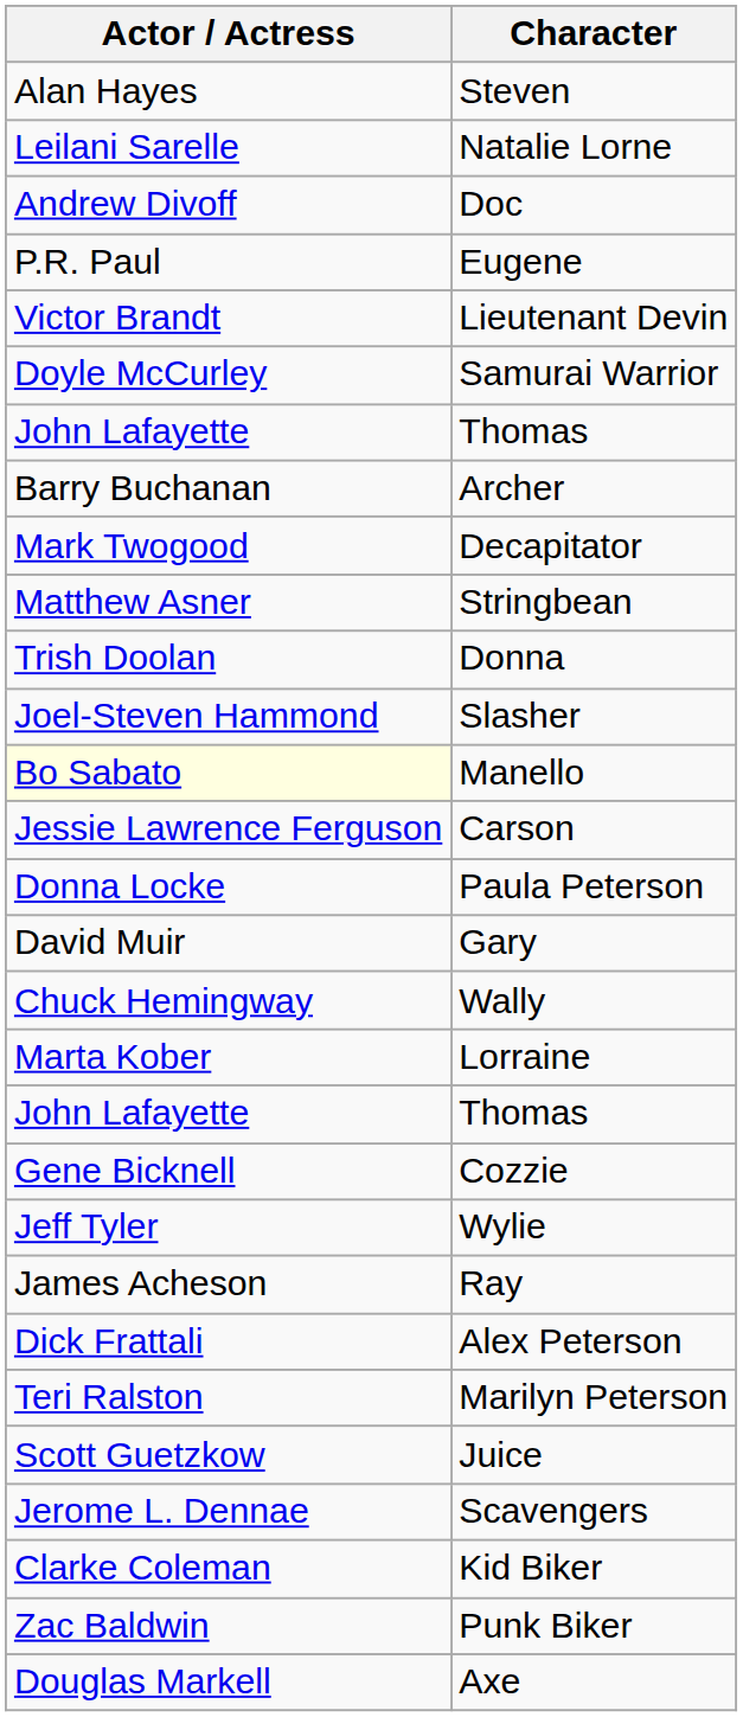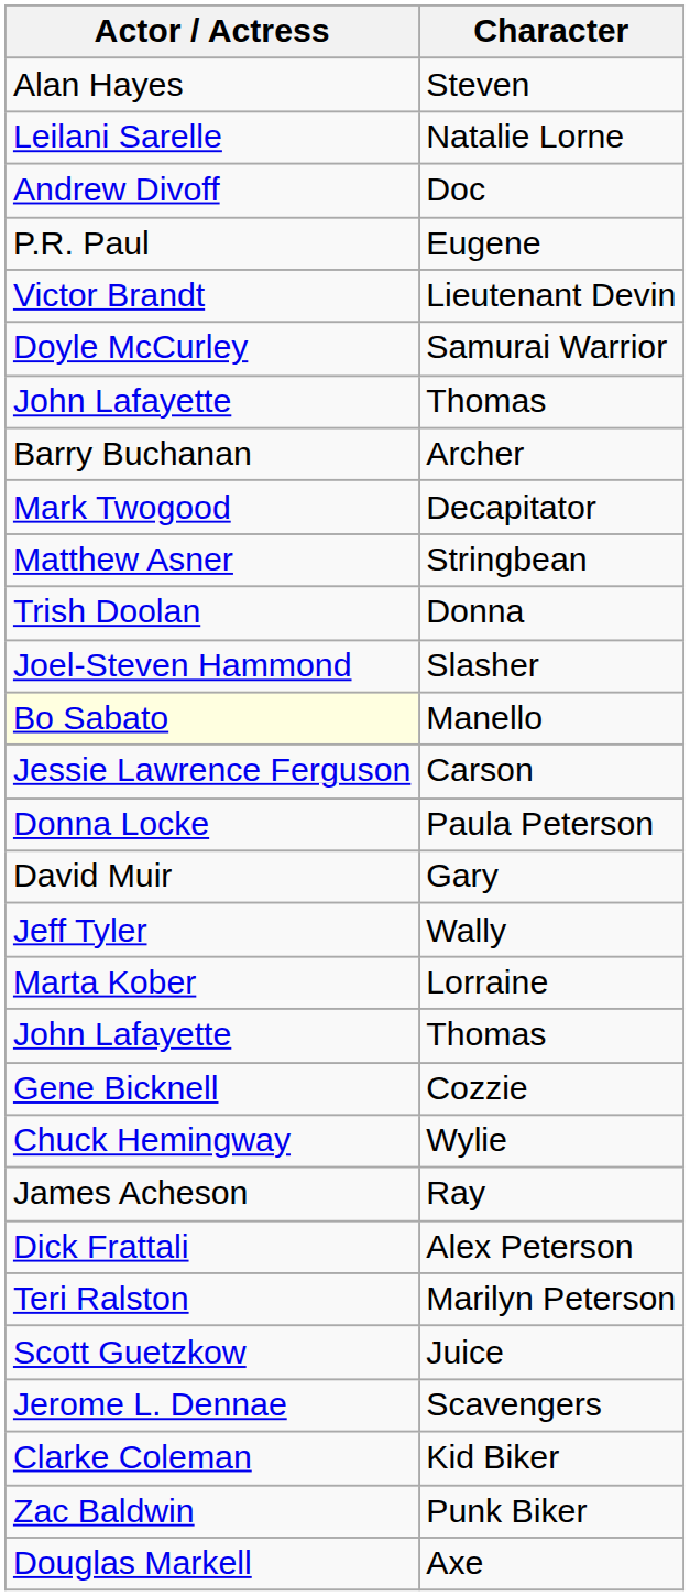 <table class="wikitable">
 <tr>
 <th>Actor / Actress</th>
 <th>Character</th>
 </tr>
 <tr>
 <td>Alan Hayes</td>
 <td>Steven</td>
 </tr>
 <tr>
 <td><a href='#'>Leilani Sarelle</a></td>
 <td>Natalie Lorne</td>
 </tr>
 <tr>
 <td><a href='#'>Andrew Divoff</a></td>
 <td>Doc</td>
 </tr>
 <tr>
 <td>P.R. Paul</td>
 <td>Eugene</td>
 </tr>
 <tr>
 <td><a href='#'>Victor Brandt</a></td>
 <td>Lieutenant Devin</td>
 </tr>
 <tr>
 <td><a href='#'>Doyle McCurley</a></td>
 <td>Samurai Warrior</td>
 </tr>
 <tr>
 <td><a href='#'>John Lafayette</a></td>
 <td>Thomas</td>
 </tr>
 <tr>
 <td>Barry Buchanan</td>
 <td>Archer</td>
 </tr>
 <tr>
 <td><a href='#'>Mark Twogood</a></td>
 <td>Decapitator</td>
 </tr>
 <tr>
 <td><a href='#'>Matthew Asner</a></td>
 <td>Stringbean</td>
 </tr>
 <tr>
 <td><a href='#'>Trish Doolan</a></td>
 <td>Donna</td>
 </tr>
 <tr>
 <td><a href='#'>Joel-Steven Hammond</a></td>
 <td>Slasher</td>
 </tr>
 <tr>
 <td style="background: lightyellow;"><a href='#'>Bo Sabato</a></td>
 <td>Manello</td>
 </tr>
 <tr>
 <td><a href='#'>Jessie Lawrence Ferguson</a></td>
 <td>Carson</td>
 </tr>
 <tr>
 <td><a href='#'>Donna Locke</a></td>
 <td>Paula Peterson</td>
 </tr>
 <tr>
 <td>David Muir</td>
 <td>Gary</td>
 </tr>
 <tr>
-<td><a href='#'>Chuck Hemingway</a></td>
+<td><a href='#'>Jeff Tyler</a></td>
 <td>Wally</td>
 </tr>
 <tr>
 <td><a href='#'>Marta Kober</a></td>
 <td>Lorraine</td>
 </tr>
 <tr>
 <td><a href='#'>John Lafayette</a></td>
 <td>Thomas</td>
 </tr>
 <tr>
 <td><a href='#'>Gene Bicknell</a></td>
 <td>Cozzie</td>
 </tr>
 <tr>
-<td><a href='#'>Jeff Tyler</a></td>
+<td><a href='#'>Chuck Hemingway</a></td>
 <td>Wylie</td>
 </tr>
 <tr>
 <td>James Acheson</td>
 <td>Ray</td>
 </tr>
 <tr>
 <td><a href='#'>Dick Frattali</a></td>
 <td>Alex Peterson</td>
 </tr>
 <tr>
 <td><a href='#'>Teri Ralston</a></td>
 <td>Marilyn Peterson</td>
 </tr>
 <tr>
 <td><a href='#'>Scott Guetzkow</a></td>
 <td>Juice</td>
 </tr>
 <tr>
 <td><a href='#'>Jerome L. Dennae</a></td>
 <td>Scavengers</td>
 </tr>
 <tr>
 <td><a href='#'>Clarke Coleman</a></td>
 <td>Kid Biker</td>
 </tr>
 <tr>
 <td><a href='#'>Zac Baldwin</a></td>
 <td>Punk Biker</td>
 </tr>
 <tr>
 <td><a href='#'>Douglas Markell</a></td>
 <td>Axe</td>
 </tr>
 </table>
